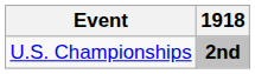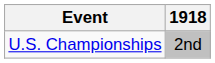 <table class="wikitable">
 <tr>
 <th>Event</th>
 <th>1918</th>
 </tr>
 <tr>
 <td><a href='#'>U.S. Championships</a></td>
-<td align="center" bgcolor="silver"><strong>2nd</strong></td>
+<td align="center" bgcolor="silver">2nd</td>
 </tr>
 </table>
